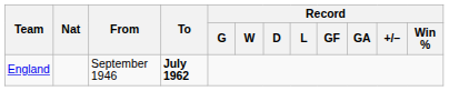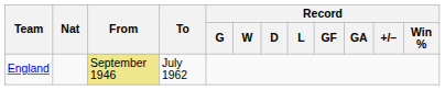 <table class="wikitable" style="text-align: center">
 <tr>
 <th rowspan=2 width=60>Team</th>
 <th rowspan=2 width=50>Nat</th>
 <th rowspan=2 width=100>From</th>
 <th rowspan=2 width=70>To</th>
 <th colspan=8>Record</th>
 </tr>
 <tr>
 <th width=40>G</th>
 <th width=40>W</th>
 <th width=40>D</th>
 <th width=40>L</th>
 <th width=40>GF</th>
 <th width=40>GA</th>
 <th width=40>+/–</th>
 <th width=50>Win %</th>
 </tr>
 <tr>
 <td align=left><a href='#'>England</a></td>
 <td></td>
-<td align=left>September 1946</td>
-<td align=left><strong>July 1962<br></strong></td>
+<td align=left style="background: khaki;">September 1946</td>
+<td align=left>July 1962<br></td>
 </tr>
 </table>
